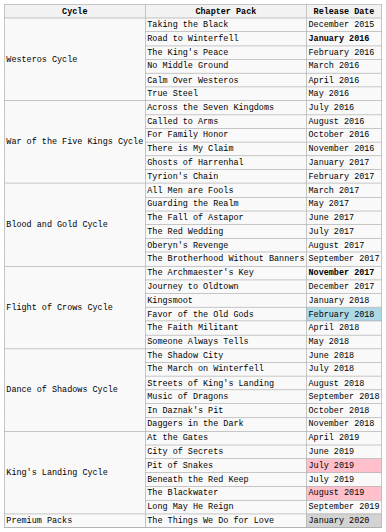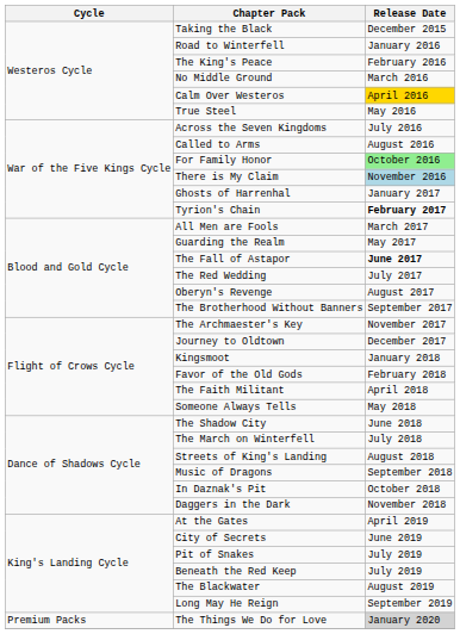 <table class="wikitable">
 <tr>
 <th>Cycle</th>
 <th>Chapter Pack</th>
 <th>Release Date</th>
 </tr>
 <tr>
 <td rowspan="6">Westeros Cycle</td>
 <td>Taking the Black</td>
 <td>December 2015</td>
 </tr>
 <tr>
 <td>Road to Winterfell</td>
-<td><strong>January 2016</strong></td>
+<td>January 2016</td>
 </tr>
 <tr>
 <td>The King's Peace</td>
 <td>February 2016</td>
 </tr>
 <tr>
 <td>No Middle Ground</td>
 <td>March 2016</td>
 </tr>
 <tr>
 <td>Calm Over Westeros</td>
-<td>April 2016</td>
+<td style="background: gold;">April 2016</td>
 </tr>
 <tr>
 <td>True Steel</td>
 <td>May 2016</td>
 </tr>
 <tr>
 <td rowspan="6">War of the Five Kings Cycle</td>
 <td>Across the Seven Kingdoms</td>
 <td>July 2016</td>
 </tr>
 <tr>
 <td>Called to Arms</td>
 <td>August 2016</td>
 </tr>
 <tr>
 <td>For Family Honor</td>
-<td>October 2016</td>
+<td style="background: lightgreen;">October 2016</td>
 </tr>
 <tr>
 <td>There is My Claim</td>
-<td>November 2016</td>
+<td style="background: lightblue;">November 2016</td>
 </tr>
 <tr>
 <td>Ghosts of Harrenhal</td>
 <td>January 2017</td>
 </tr>
 <tr>
 <td>Tyrion's Chain</td>
-<td>February 2017</td>
+<td><strong>February 2017</strong></td>
 </tr>
 <tr>
 <td rowspan="6">Blood and Gold Cycle</td>
 <td>All Men are Fools</td>
 <td>March 2017</td>
 </tr>
 <tr>
 <td>Guarding the Realm</td>
 <td>May 2017</td>
 </tr>
 <tr>
 <td>The Fall of Astapor</td>
-<td>June 2017</td>
+<td><strong>June 2017</strong></td>
 </tr>
 <tr>
 <td>The Red Wedding</td>
 <td>July 2017</td>
 </tr>
 <tr>
 <td>Oberyn's Revenge</td>
 <td>August 2017</td>
 </tr>
 <tr>
 <td>The Brotherhood Without Banners</td>
 <td>September 2017</td>
 </tr>
 <tr>
 <td rowspan="6">Flight of Crows Cycle</td>
 <td>The Archmaester's Key</td>
-<td><strong>November 2017</strong></td>
+<td>November 2017</td>
 </tr>
 <tr>
 <td>Journey to Oldtown</td>
 <td>December 2017</td>
 </tr>
 <tr>
 <td>Kingsmoot</td>
 <td>January 2018</td>
 </tr>
 <tr>
 <td>Favor of the Old Gods</td>
-<td style="background: lightblue;">February 2018</td>
+<td>February 2018</td>
 </tr>
 <tr>
 <td>The Faith Militant</td>
 <td>April 2018</td>
 </tr>
 <tr>
 <td>Someone Always Tells</td>
 <td>May 2018</td>
 </tr>
 <tr>
 <td rowspan="6">Dance of Shadows Cycle</td>
 <td>The Shadow City</td>
 <td>June 2018</td>
 </tr>
 <tr>
 <td>The March on Winterfell</td>
 <td>July 2018</td>
 </tr>
 <tr>
 <td>Streets of King's Landing</td>
 <td>August 2018</td>
 </tr>
 <tr>
 <td>Music of Dragons</td>
 <td>September 2018</td>
 </tr>
 <tr>
 <td>In Daznak's Pit</td>
 <td>October 2018</td>
 </tr>
 <tr>
 <td>Daggers in the Dark</td>
 <td>November 2018</td>
 </tr>
 <tr>
 <td rowspan="6">King's Landing Cycle</td>
 <td>At the Gates</td>
 <td>April 2019</td>
 </tr>
 <tr>
 <td>City of Secrets</td>
 <td>June 2019</td>
 </tr>
 <tr>
 <td>Pit of Snakes</td>
-<td style="background: pink;">July 2019</td>
+<td>July 2019</td>
 </tr>
 <tr>
 <td>Beneath the Red Keep</td>
 <td>July 2019</td>
 </tr>
 <tr>
 <td>The Blackwater</td>
-<td style="background: pink;">August 2019</td>
+<td>August 2019</td>
 </tr>
 <tr>
 <td>Long May He Reign</td>
 <td>September 2019</td>
 </tr>
 <tr>
 <td>Premium Packs</td>
 <td>The Things We Do for Love</td>
 <td style="background: lightgrey;">January 2020</td>
 </tr>
 <tr>
 </tr>
 </table>
